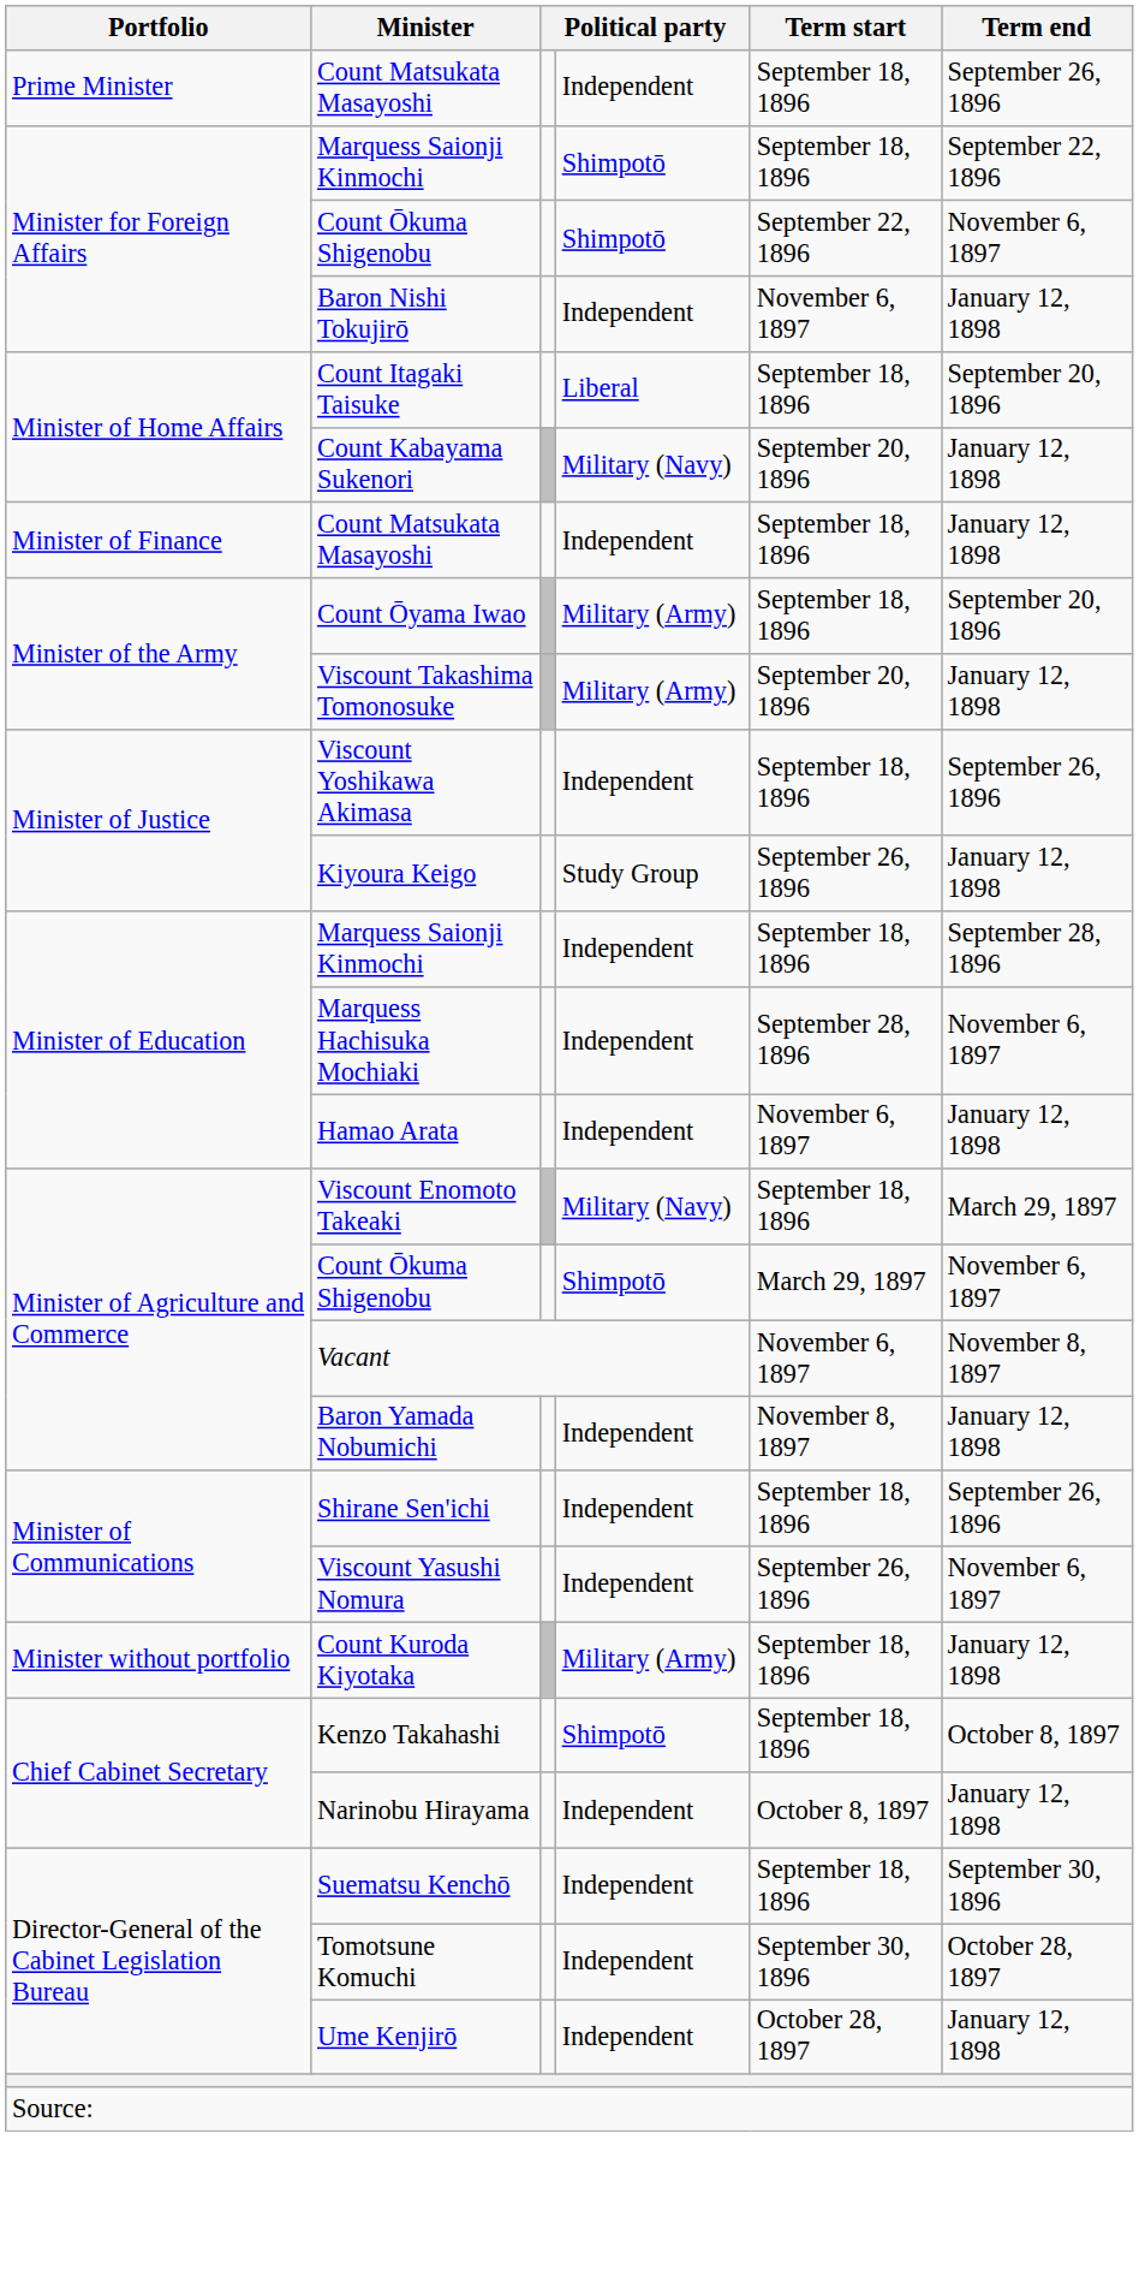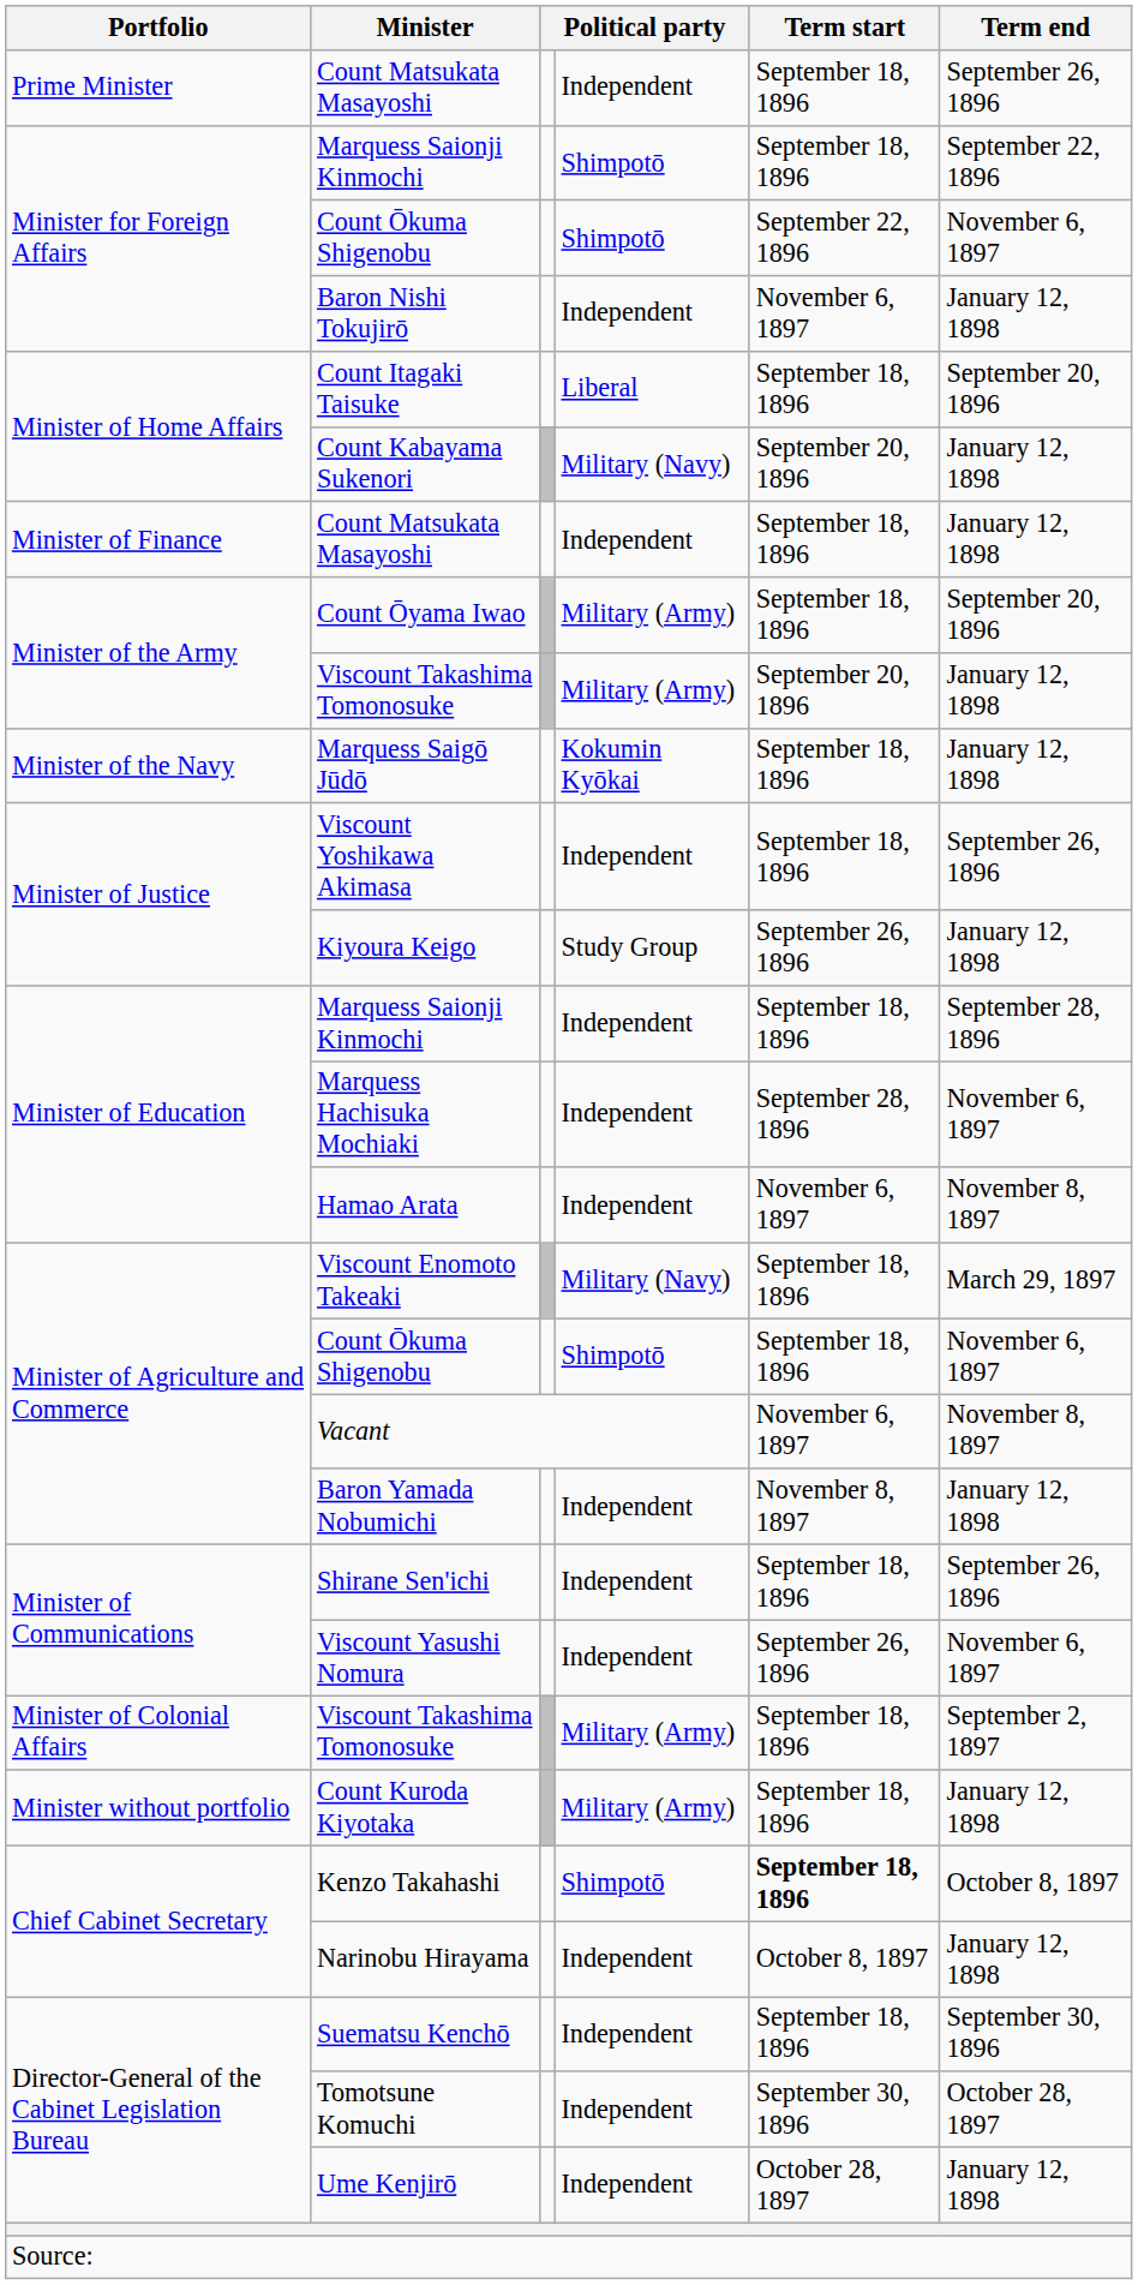 <table class="wikitable unsortable" style="font-size: 90%;">
 <tr>
 <th scope="col" width="20%">Portfolio</th>
 <th scope="col" width="15%">Minister</th>
 <th colspan="2" scope="col" width="13.5%">Political party</th>
 <th scope="col" width="12.5%">Term start</th>
 <th scope="col" width="12.5%">Term end</th>
 </tr>
 <tr>
 <td style="text-align: left;"><a href='#'>Prime Minister</a></td>
 <td><a href='#'>Count Matsukata Masayoshi</a></td>
 <td style="color:inherit;background:"></td>
 <td>Independent</td>
 <td>September 18, 1896</td>
 <td>September 26, 1896</td>
 </tr>
 <tr>
 <td rowspan="3"><a href='#'>Minister for Foreign Affairs</a></td>
 <td><a href='#'>Marquess Saionji Kinmochi</a></td>
 <td style="color:inherit;background:"></td>
 <td><a href='#'>Shimpotō</a></td>
 <td>September 18, 1896</td>
 <td>September 22, 1896</td>
 </tr>
 <tr>
 <td><a href='#'>Count Ōkuma Shigenobu</a></td>
 <td style="color:inherit;background:"></td>
 <td><a href='#'>Shimpotō</a></td>
 <td>September 22, 1896</td>
 <td>November 6, 1897</td>
 </tr>
 <tr>
 <td><a href='#'>Baron Nishi Tokujirō</a></td>
 <td style="color:inherit;background:"></td>
 <td>Independent</td>
 <td>November 6, 1897</td>
 <td>January 12, 1898</td>
 </tr>
 <tr>
 <td rowspan="2"><a href='#'>Minister of Home Affairs</a></td>
 <td><a href='#'>Count Itagaki Taisuke</a></td>
 <td style="color:inherit;background:"></td>
 <td><a href='#'>Liberal</a></td>
 <td>September 18, 1896</td>
 <td>September 20, 1896</td>
 </tr>
 <tr>
 <td><a href='#'>Count Kabayama Sukenori</a></td>
 <td style="color:inherit;background:#bfbfbf"></td>
 <td><a href='#'>Military</a> (<a href='#'>Navy</a>)</td>
 <td>September 20, 1896</td>
 <td>January 12, 1898</td>
 </tr>
 <tr>
 <td><a href='#'>Minister of Finance</a></td>
 <td><a href='#'>Count Matsukata Masayoshi</a></td>
 <td style="color:inherit;background:"></td>
 <td>Independent</td>
 <td>September 18, 1896</td>
 <td>January 12, 1898</td>
 </tr>
 <tr>
 <td rowspan="2"><a href='#'>Minister of the Army</a></td>
 <td><a href='#'>Count Ōyama Iwao</a></td>
 <td style="color:inherit;background:#bfbfbf"></td>
 <td><a href='#'>Military</a> (<a href='#'>Army</a>)</td>
 <td>September 18, 1896</td>
 <td>September 20, 1896</td>
 </tr>
 <tr>
 <td><a href='#'>Viscount Takashima Tomonosuke</a></td>
 <td style="color:inherit;background:#bfbfbf"></td>
 <td><a href='#'>Military</a> (<a href='#'>Army</a>)</td>
 <td>September 20, 1896</td>
 <td>January 12, 1898</td>
 </tr>
 <tr>
+<td><a href='#'>Minister of the Navy</a></td>
+<td><a href='#'>Marquess Saigō Jūdō</a></td>
+<td style="color:inherit;background:"></td>
+<td><a href='#'>Kokumin Kyōkai</a></td>
+<td>September 18, 1896</td>
+<td>January 12, 1898</td>
+</tr>
+<tr>
 <td rowspan="2"><a href='#'>Minister of Justice</a></td>
 <td><a href='#'>Viscount Yoshikawa Akimasa</a></td>
 <td style="color:inherit;background:"></td>
 <td>Independent</td>
 <td>September 18, 1896</td>
 <td>September 26, 1896</td>
 </tr>
 <tr>
 <td><a href='#'>Kiyoura Keigo</a></td>
 <td></td>
 <td>Study Group</td>
 <td>September 26, 1896</td>
 <td>January 12, 1898</td>
 </tr>
 <tr>
 <td rowspan="3"><a href='#'>Minister of Education</a></td>
 <td><a href='#'>Marquess Saionji Kinmochi</a></td>
 <td style="color:inherit;background:"></td>
 <td>Independent</td>
 <td>September 18, 1896</td>
 <td>September 28, 1896</td>
 </tr>
 <tr>
 <td><a href='#'>Marquess Hachisuka Mochiaki</a></td>
 <td style="color:inherit;background:"></td>
 <td>Independent</td>
 <td>September 28, 1896</td>
 <td>November 6, 1897</td>
 </tr>
 <tr>
 <td><a href='#'>Hamao Arata</a></td>
 <td style="color:inherit;background:"></td>
 <td>Independent</td>
 <td>November 6, 1897</td>
-<td>January 12, 1898</td>
+<td>November 8, 1897</td>
 </tr>
 <tr>
 <td rowspan="4"><a href='#'>Minister of Agriculture and Commerce</a></td>
 <td><a href='#'>Viscount Enomoto Takeaki</a></td>
 <td style="color:inherit;background:#bfbfbf"></td>
 <td><a href='#'>Military</a> (<a href='#'>Navy</a>)</td>
 <td>September 18, 1896</td>
 <td>March 29, 1897</td>
 </tr>
 <tr>
 <td><a href='#'>Count Ōkuma Shigenobu</a></td>
 <td style="color:inherit;background:"></td>
 <td><a href='#'>Shimpotō</a></td>
-<td>March 29, 1897</td>
+<td>September 18, 1896</td>
 <td>November 6, 1897</td>
 </tr>
 <tr>
 <td colspan="3"><em>Vacant</em></td>
 <td>November 6, 1897</td>
 <td>November 8, 1897</td>
 </tr>
 <tr>
 <td><a href='#'>Baron Yamada Nobumichi</a></td>
 <td style="color:inherit;background:"></td>
 <td>Independent</td>
 <td>November 8, 1897</td>
 <td>January 12, 1898</td>
 </tr>
 <tr>
 <td rowspan="2"><a href='#'>Minister of Communications</a></td>
 <td><a href='#'>Shirane Sen'ichi</a></td>
 <td style="color:inherit;background:"></td>
 <td>Independent</td>
 <td>September 18, 1896</td>
 <td>September 26, 1896</td>
 </tr>
 <tr>
 <td><a href='#'>Viscount Yasushi Nomura</a></td>
 <td style="color:inherit;background:"></td>
 <td>Independent</td>
 <td>September 26, 1896</td>
 <td>November 6, 1897</td>
 </tr>
 <tr>
+<td><a href='#'>Minister of Colonial Affairs</a></td>
+<td><a href='#'>Viscount Takashima Tomonosuke</a></td>
+<td style="color:inherit;background:#bfbfbf"></td>
+<td><a href='#'>Military</a> (<a href='#'>Army</a>)</td>
+<td>September 18, 1896</td>
+<td>September 2, 1897</td>
+</tr>
+<tr>
 <td><a href='#'>Minister without portfolio</a></td>
 <td><a href='#'>Count Kuroda Kiyotaka</a></td>
 <td style="color:inherit;background:#bfbfbf"></td>
 <td><a href='#'>Military</a> (<a href='#'>Army</a>)</td>
 <td>September 18, 1896</td>
 <td>January 12, 1898</td>
 </tr>
 <tr>
 <td rowspan="2"><a href='#'>Chief Cabinet Secretary</a></td>
 <td>Kenzo Takahashi</td>
 <td style="color:inherit;background:"></td>
 <td><a href='#'>Shimpotō</a></td>
-<td>September 18, 1896</td>
+<td><strong>September 18, 1896</strong></td>
 <td>October 8, 1897</td>
 </tr>
 <tr>
 <td>Narinobu Hirayama</td>
 <td style="color:inherit;background:"></td>
 <td>Independent</td>
 <td>October 8, 1897</td>
 <td>January 12, 1898</td>
 </tr>
 <tr>
 <td rowspan="3">Director-General of the <a href='#'>Cabinet Legislation Bureau</a></td>
 <td><a href='#'>Suematsu Kenchō</a></td>
 <td style="color:inherit;background:"></td>
 <td>Independent</td>
 <td>September 18, 1896</td>
 <td>September 30, 1896</td>
 </tr>
 <tr>
 <td>Tomotsune Komuchi</td>
 <td style="color:inherit;background:"></td>
 <td>Independent</td>
 <td>September 30, 1896</td>
 <td>October 28, 1897</td>
 </tr>
 <tr>
 <td><a href='#'>Ume Kenjirō</a></td>
 <td style="color:inherit;background:"></td>
 <td>Independent</td>
 <td>October 28, 1897</td>
 <td>January 12, 1898</td>
 </tr>
 <tr>
 <th colspan="6"></th>
 </tr>
 <tr>
 <td colspan="6">Source:</td>
 </tr>
 </table>
